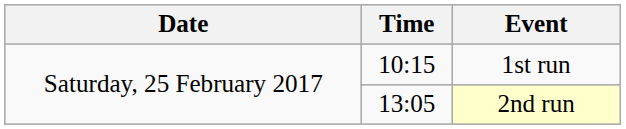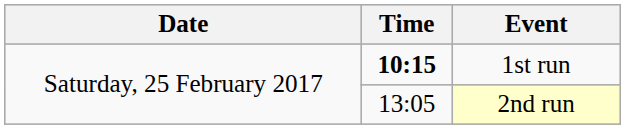 <table class = "wikitable" style="text-align:center;">
 <tr>
 <th width=220>Date</th>
 <th width=50>Time</th>
 <th width=100>Event</th>
 </tr>
 <tr>
 <td rowspan=2>Saturday, 25 February 2017</td>
-<td>10:15</td>
+<td><strong>10:15</strong></td>
 <td>1st run</td>
 </tr>
 <tr>
 <td>13:05</td>
 <td bgcolor=ffffcc>2nd run</td>
 </tr>
 </table>
